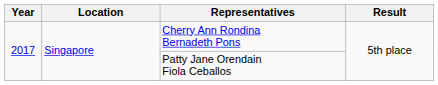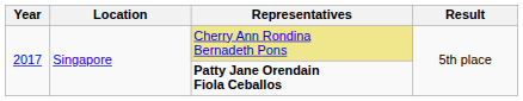 <table class="wikitable" style="font-size:100%; width:50%;">
 <tr>
 <th style= "align=center; width:10em;">Year</th>
 <th style= "align=center; width:65em;">Location</th>
 <th style= "align=center; width:100em;">Representatives</th>
 <th style= "align=center; width:50em;">Result</th>
 </tr>
 <tr>
 <td rowspan=2 align=center><a href='#'>2017</a></td>
 <td rowspan=2> <a href='#'>Singapore</a></td>
-<td><a href='#'>Cherry Ann Rondina</a> <br> <a href='#'>Bernadeth Pons</a></td>
+<td style="background: khaki;"><a href='#'>Cherry Ann Rondina</a> <br> <a href='#'>Bernadeth Pons</a></td>
 <td rowspan=2 align=center>5th place </td>
 </tr>
 <tr>
-<td>Patty Jane Orendain <br> Fiola Ceballos</td>
+<td><strong>Patty Jane Orendain <br> Fiola Ceballos</strong></td>
 </tr>
 </table>
